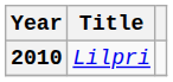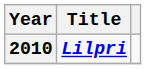 <table class="wikitable">
 <tr>
 <th>Year</th>
 <th>Title</th>
 <th></th>
 </tr>
 <tr>
 <th>2010</th>
-<td><em><a href='#'>Lilpri</a></em></td>
+<td><strong><em><a href='#'>Lilpri</a></em></strong></td>
 <td></td>
 </tr>
 <tr>
 </tr>
 </table>
